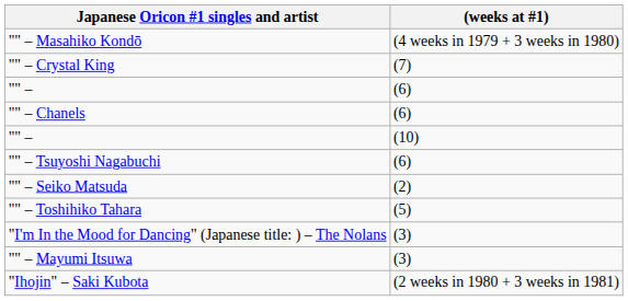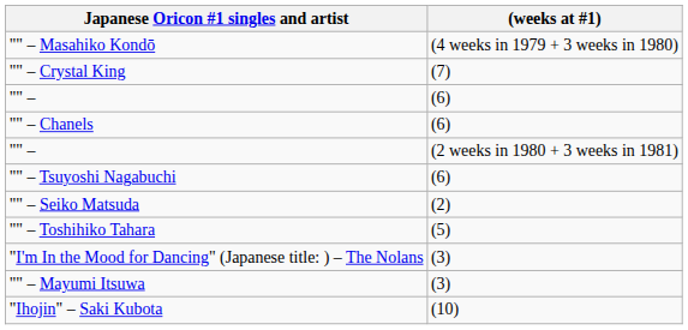 <table class="wikitable">
 <tr>
 <th>Japanese <a href='#'>Oricon #1 singles</a> and artist</th>
 <th>(weeks at #1)</th>
 </tr>
 <tr>
 <td>"" – <a href='#'>Masahiko Kondō</a></td>
 <td>(4 weeks in 1979 + 3 weeks in 1980)</td>
 </tr>
 <tr>
 <td>"" – <a href='#'>Crystal King</a></td>
 <td>(7)</td>
 </tr>
 <tr>
 <td>"" – </td>
 <td>(6)</td>
 </tr>
 <tr>
 <td>"" – <a href='#'>Chanels</a></td>
 <td>(6)</td>
 </tr>
 <tr>
 <td>"" – </td>
-<td>(10)</td>
+<td>(2 weeks in 1980 + 3 weeks in 1981)</td>
 </tr>
 <tr>
 <td>"" – <a href='#'>Tsuyoshi Nagabuchi</a></td>
 <td>(6)</td>
 </tr>
 <tr>
 <td>"" – <a href='#'>Seiko Matsuda</a></td>
 <td>(2)</td>
 </tr>
 <tr>
 <td>"" – <a href='#'>Toshihiko Tahara</a></td>
 <td>(5)</td>
 </tr>
 <tr>
 <td>"<a href='#'>I'm In the Mood for Dancing</a>" (Japanese title: ) – <a href='#'>The Nolans</a></td>
 <td>(3)</td>
 </tr>
 <tr>
 <td>"" – <a href='#'>Mayumi Itsuwa</a></td>
 <td>(3)</td>
 </tr>
 <tr>
 <td>"<a href='#'>Ihojin</a>" – <a href='#'>Saki Kubota</a></td>
-<td>(2 weeks in 1980 + 3 weeks in 1981)</td>
+<td>(10)</td>
 </tr>
 </table>
